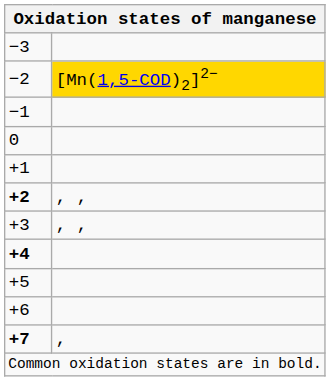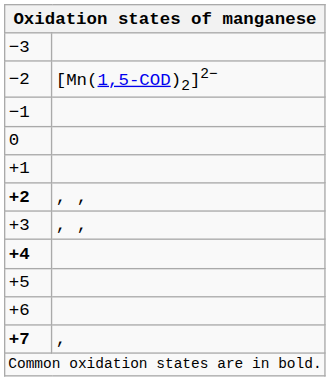 <table class="wikitable floatright">
 <tr>
 <th colspan=2>Oxidation states of manganese</th>
 </tr>
 <tr>
 <td>−3</td>
 <td></td>
 </tr>
 <tr>
 <td>−2</td>
-<td style="background: gold;">[Mn(<a href='#'>1,5-COD</a>)<sub>2</sub>]<sup>2−</sup></td>
+<td>[Mn(<a href='#'>1,5-COD</a>)<sub>2</sub>]<sup>2−</sup></td>
 </tr>
 <tr>
 <td>−1</td>
 <td><a href='#'></a></td>
 </tr>
 <tr>
 <td>0</td>
 <td><a href='#'></a></td>
 </tr>
 <tr>
 <td>+1</td>
 <td><a href='#'></a></td>
 </tr>
 <tr>
 <td><strong>+2</strong></td>
 <td><a href='#'></a>, <a href='#'></a>, <a href='#'></a></td>
 </tr>
 <tr>
 <td>+3</td>
 <td><a href='#'></a>, <a href='#'></a>, <a href='#'></a></td>
 </tr>
 <tr>
 <td><strong>+4</strong></td>
 <td><a href='#'></a></td>
 </tr>
 <tr>
 <td>+5</td>
 <td><a href='#'></a></td>
 </tr>
 <tr>
 <td>+6</td>
 <td><a href='#'></a></td>
 </tr>
 <tr>
 <td><strong>+7</strong></td>
 <td><a href='#'></a>, <a href='#'></a></td>
 </tr>
 <tr>
 <td colspan=2 style="font-size: smaller; text-align: center">Common oxidation states are in bold.</td>
 </tr>
 </table>
